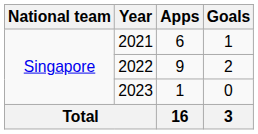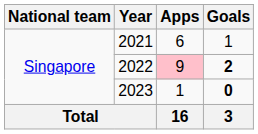 <table class="wikitable" style="text-align:center">
 <tr>
 <th>National team</th>
 <th>Year</th>
 <th>Apps</th>
 <th>Goals</th>
 </tr>
 <tr>
 <td rowspan="3"><a href='#'>Singapore</a></td>
 <td>2021</td>
 <td>6</td>
 <td>1</td>
 </tr>
 <tr>
 <td>2022</td>
-<td>9</td>
-<td>2</td>
+<td style="background: pink;">9</td>
+<td><strong>2</strong></td>
 </tr>
 <tr>
 <td>2023</td>
 <td>1</td>
-<td>0</td>
+<td><strong>0</strong></td>
 </tr>
 <tr>
 <th colspan="2">Total</th>
 <th>16</th>
 <th>3</th>
 </tr>
 </table>
